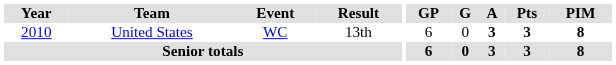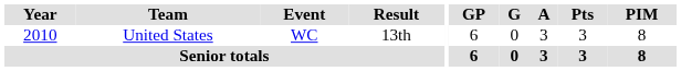 <table border="0" cellpadding="1" cellspacing="0" ID="Table3" style="text-align:center; width:40em">
 <tr ALIGN="center" bgcolor="#e0e0e0">
 <th>Year</th>
 <th>Team</th>
 <th>Event</th>
 <th>Result</th>
 <th rowspan="99" bgcolor="#ffffff"></th>
 <th>GP</th>
 <th>G</th>
 <th>A</th>
 <th>Pts</th>
 <th>PIM</th>
 </tr>
 <tr>
 <td><a href='#'>2010</a></td>
 <td><a href='#'>United States</a></td>
 <td><a href='#'>WC</a></td>
 <td>13th</td>
 <td>6</td>
 <td>0</td>
-<td><strong>3</strong></td>
-<td><strong>3</strong></td>
-<td><strong>8</strong></td>
+<td>3</td>
+<td>3</td>
+<td>8</td>
 </tr>
 <tr bgcolor="#e0e0e0">
 <th colspan=4>Senior totals</th>
 <th>6</th>
 <th>0</th>
 <th>3</th>
 <th>3</th>
 <th>8</th>
 </tr>
 </table>
